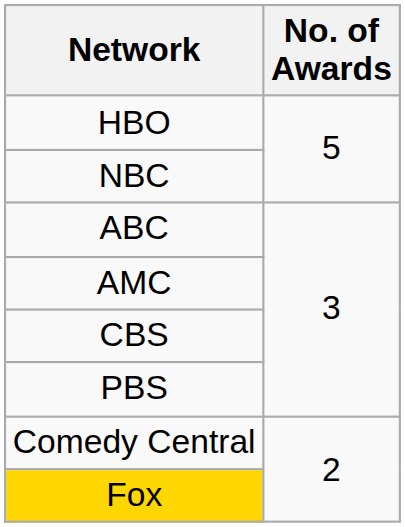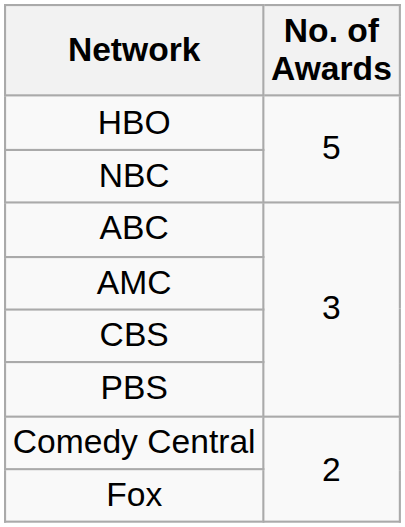 <table class="wikitable">
 <tr>
 <th>Network</th>
 <th>No. of<br>Awards</th>
 </tr>
 <tr style="text-align:center">
 <td>HBO</td>
 <td rowspan="2">5</td>
 </tr>
 <tr style="text-align:center">
 <td>NBC</td>
 </tr>
 <tr style="text-align:center">
 <td>ABC</td>
 <td rowspan="4">3</td>
 </tr>
 <tr style="text-align:center">
 <td>AMC</td>
 </tr>
 <tr style="text-align:center">
 <td>CBS</td>
 </tr>
 <tr style="text-align:center">
 <td>PBS</td>
 </tr>
 <tr style="text-align:center">
 <td>Comedy Central</td>
 <td rowspan="2">2</td>
 </tr>
 <tr style="text-align:center">
-<td style="background: gold;">Fox</td>
+<td>Fox</td>
 </tr>
 </table>
